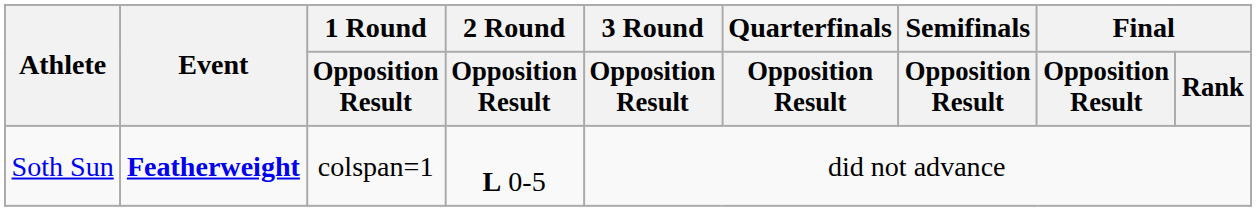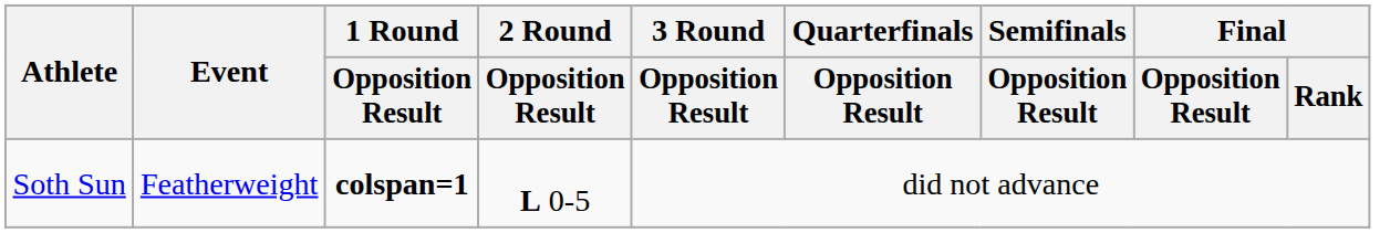 <table class="wikitable" style="font-size:90%">
 <tr>
 <th rowspan="2">Athlete</th>
 <th rowspan="2">Event</th>
 <th>1 Round</th>
 <th>2 Round</th>
 <th>3 Round</th>
 <th>Quarterfinals</th>
 <th>Semifinals</th>
 <th colspan="2">Final</th>
 </tr>
 <tr style="font-size:95%">
 <th>Opposition<br>Result</th>
 <th>Opposition<br>Result</th>
 <th>Opposition<br>Result</th>
 <th>Opposition<br>Result</th>
 <th>Opposition<br>Result</th>
 <th>Opposition<br>Result</th>
 <th>Rank</th>
 </tr>
 <tr align=center>
 <td align=left><a href='#'>Soth Sun</a></td>
-<td align=left><strong><a href='#'>Featherweight</a></strong></td>
-<td>colspan=1 </td>
+<td align=left><a href='#'>Featherweight</a></td>
+<td><strong>colspan=1 </strong></td>
 <td><br><strong>L</strong> 0-5</td>
 <td colspan=5>did not advance</td>
 </tr>
 </table>
